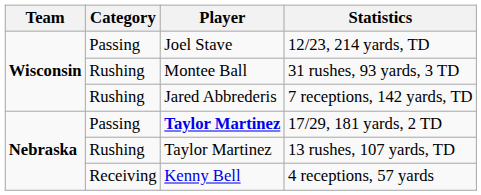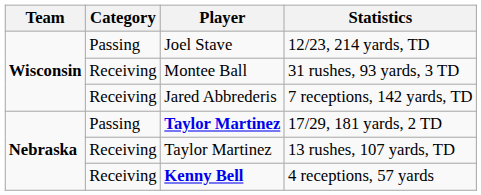 <table class="wikitable" style="float: right;">
 <tr>
 <th>Team</th>
 <th>Category</th>
 <th>Player</th>
 <th>Statistics</th>
 </tr>
 <tr>
 <td rowspan=3><strong>Wisconsin</strong></td>
 <td>Passing</td>
 <td>Joel Stave</td>
 <td>12/23, 214 yards, TD</td>
 </tr>
 <tr>
-<td>Rushing</td>
+<td>Receiving</td>
 <td>Montee Ball</td>
 <td>31 rushes, 93 yards, 3 TD</td>
 </tr>
 <tr>
-<td>Rushing</td>
+<td>Receiving</td>
 <td>Jared Abbrederis</td>
 <td>7 receptions, 142 yards, TD</td>
 </tr>
 <tr>
 <td rowspan=3><strong>Nebraska</strong></td>
 <td>Passing</td>
 <td><strong><a href='#'>Taylor Martinez</a></strong></td>
 <td>17/29, 181 yards, 2 TD</td>
 </tr>
 <tr>
-<td>Rushing</td>
+<td>Receiving</td>
 <td>Taylor Martinez</td>
 <td>13 rushes, 107 yards, TD</td>
 </tr>
 <tr>
 <td>Receiving</td>
-<td><a href='#'>Kenny Bell</a></td>
+<td><strong><a href='#'>Kenny Bell</a></strong></td>
 <td>4 receptions, 57 yards</td>
 </tr>
 </table>
